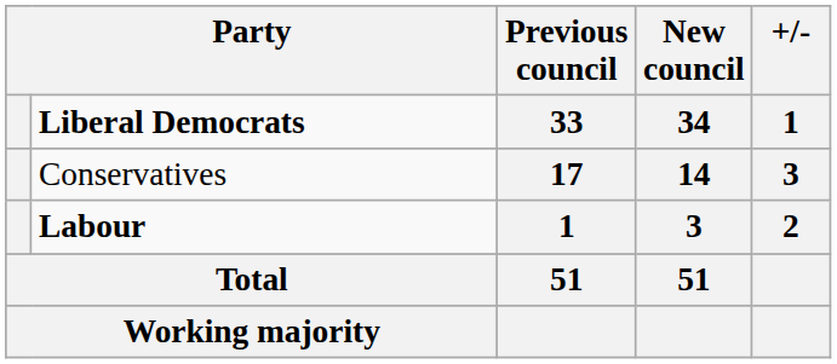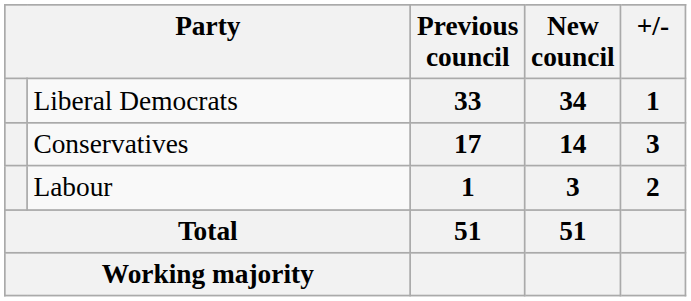 <table class="wikitable">
 <tr>
 <th valign=top colspan="2" style="width: 230px">Party</th>
 <th valign=top style="width: 30px">Previous council</th>
 <th valign=top style="width: 30px">New council</th>
 <th valign=top style="width: 30px">+/-</th>
 </tr>
 <tr>
 <th style="background-color: "></th>
-<td><strong>Liberal Democrats</strong></td>
+<td>Liberal Democrats</td>
 <th align=center>33</th>
 <th align=center>34</th>
 <th align=center>1</th>
 </tr>
 <tr>
 <th style="background-color: "></th>
 <td>Conservatives</td>
 <th align=center>17</th>
 <th align=center>14</th>
 <th align=center>3</th>
 </tr>
 <tr>
 <th style="background-color: "></th>
-<td><strong>Labour</strong></td>
+<td>Labour</td>
 <th align=center>1</th>
 <th align=center>3</th>
 <th align=center>2</th>
 </tr>
 <tr>
 <th colspan=2>Total</th>
 <th style="text-align: center">51</th>
 <th style="text-align: center">51</th>
 <th></th>
 </tr>
 <tr>
 <th colspan=2>Working majority</th>
 <th></th>
 <th></th>
 <th></th>
 </tr>
 </table>
